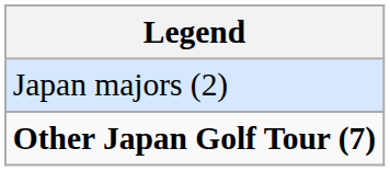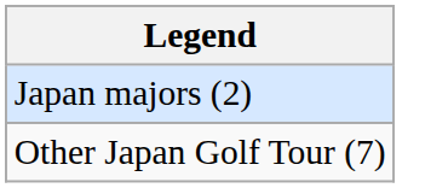 <table class="wikitable" style="font-size:95%;">
 <tr>
 <th>Legend</th>
 </tr>
 <tr style="background:#D6E8FF;">
 <td>Japan majors (2)</td>
 </tr>
 <tr>
-<td><strong>Other Japan Golf Tour (7)</strong></td>
+<td>Other Japan Golf Tour (7)</td>
 </tr>
 </table>
